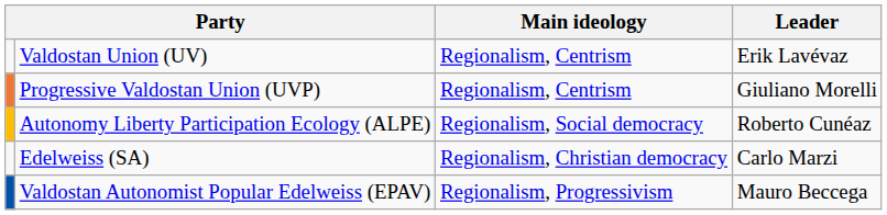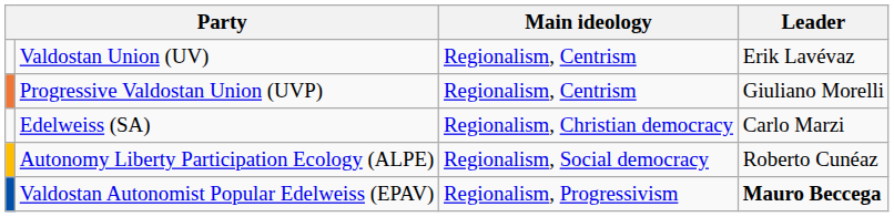 <table class="wikitable" style="font-size:95%">
 <tr>
 <th colspan=2>Party</th>
 <th>Main ideology</th>
 <th>Leader</th>
 </tr>
 <tr>
 <td></td>
 <td><a href='#'>Valdostan Union</a> (UV)</td>
 <td><a href='#'>Regionalism</a>, <a href='#'>Centrism</a></td>
 <td>Erik Lavévaz</td>
 </tr>
 <tr>
 <td bgcolor="#F07636"></td>
 <td><a href='#'>Progressive Valdostan Union</a> (UVP)</td>
 <td><a href='#'>Regionalism</a>, <a href='#'>Centrism</a></td>
 <td>Giuliano Morelli</td>
 </tr>
 <tr>
+<td></td>
+<td><a href='#'>Edelweiss</a> (SA)</td>
+<td><a href='#'>Regionalism</a>, <a href='#'>Christian democracy</a></td>
+<td>Carlo Marzi</td>
+</tr>
+<tr>
 <td bgcolor="#FFBF00"></td>
 <td><a href='#'>Autonomy Liberty Participation Ecology</a> (ALPE)</td>
 <td><a href='#'>Regionalism</a>, <a href='#'>Social democracy</a></td>
 <td>Roberto Cunéaz</td>
 </tr>
 <tr>
-<td></td>
-<td><a href='#'>Edelweiss</a> (SA)</td>
-<td><a href='#'>Regionalism</a>, <a href='#'>Christian democracy</a></td>
-<td>Carlo Marzi</td>
-</tr>
-<tr>
 <td bgcolor="#0050AA"></td>
 <td><a href='#'>Valdostan Autonomist Popular Edelweiss</a> (EPAV)</td>
 <td><a href='#'>Regionalism</a>, <a href='#'>Progressivism</a></td>
-<td>Mauro Beccega</td>
+<td><strong>Mauro Beccega</strong></td>
 </tr>
 </table>
